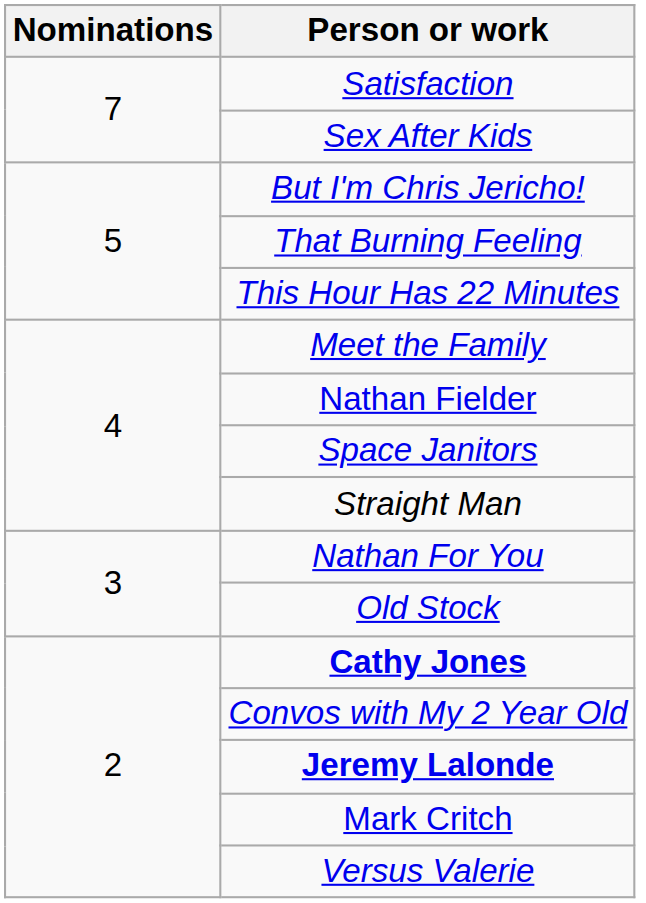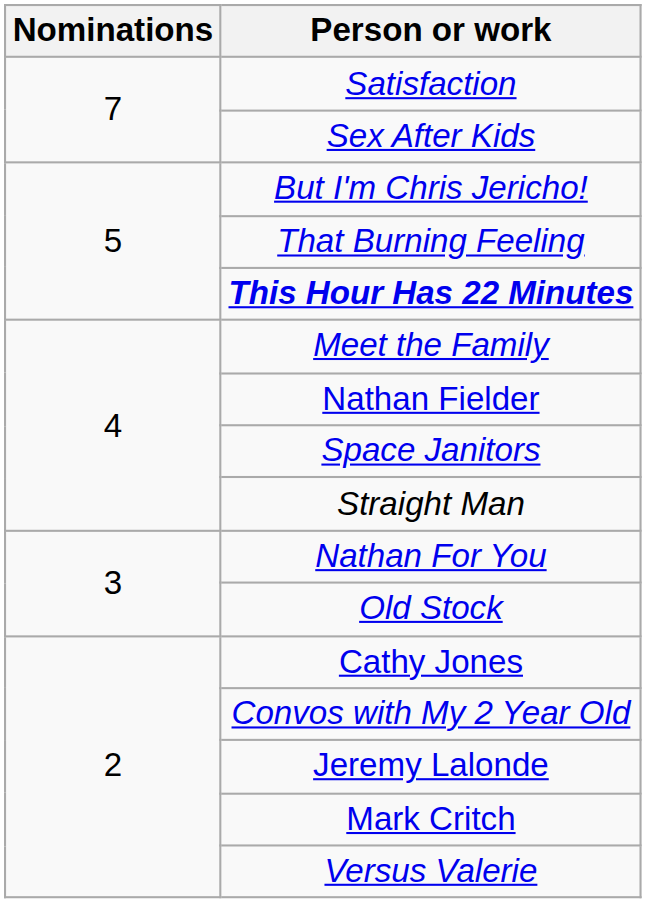 <table class="wikitable sortable" style="text-align:center">
 <tr>
 <th scope="col" style="width:55px;">Nominations</th>
 <th scope="col" style="text-align:center;">Person or work</th>
 </tr>
 <tr>
 <td rowspan=2 style="text-align:center">7</td>
 <td><em><a href='#'>Satisfaction</a></em></td>
 </tr>
 <tr>
 <td><em><a href='#'>Sex After Kids</a></em></td>
 </tr>
 <tr>
 <td rowspan=3 style="text-align:center">5</td>
 <td><em><a href='#'>But I'm Chris Jericho!</a></em></td>
 </tr>
 <tr>
 <td><em><a href='#'>That Burning Feeling</a></em></td>
 </tr>
 <tr>
-<td><em><a href='#'>This Hour Has 22 Minutes</a></em></td>
+<td><strong><em><a href='#'>This Hour Has 22 Minutes</a></em></strong></td>
 </tr>
 <tr>
 <td rowspan=4 style="text-align:center">4</td>
 <td><em><a href='#'>Meet the Family</a></em></td>
 </tr>
 <tr>
 <td><a href='#'>Nathan Fielder</a></td>
 </tr>
 <tr>
 <td><em><a href='#'>Space Janitors</a></em></td>
 </tr>
 <tr>
 <td><em>Straight Man</em></td>
 </tr>
 <tr>
 <td rowspan=2 style="text-align:center">3</td>
 <td><em><a href='#'>Nathan For You</a></em></td>
 </tr>
 <tr>
 <td><em><a href='#'>Old Stock</a></em></td>
 </tr>
 <tr>
 <td rowspan=5 style="text-align:center">2</td>
-<td><strong><a href='#'>Cathy Jones</a></strong></td>
+<td><a href='#'>Cathy Jones</a></td>
 </tr>
 <tr>
 <td><em><a href='#'>Convos with My 2 Year Old</a></em></td>
 </tr>
 <tr>
-<td><strong><a href='#'>Jeremy Lalonde</a></strong></td>
+<td><a href='#'>Jeremy Lalonde</a></td>
 </tr>
 <tr>
 <td><a href='#'>Mark Critch</a></td>
 </tr>
 <tr>
 <td><em><a href='#'>Versus Valerie</a></em></td>
 </tr>
 </table>
